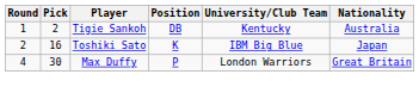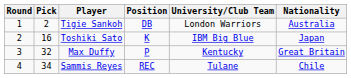 <table class="wikitable" style="font-size: 95%;">
 <tr>
 <th scope="col">Round</th>
 <th scope="col">Pick</th>
 <th scope="col">Player</th>
 <th scope="col">Position</th>
 <th scope="col">University/Club Team</th>
 <th scope="col">Nationality</th>
 </tr>
 <tr align="center">
 <td align=center>1</td>
 <td>2</td>
 <td><a href='#'>Tigie Sankoh</a></td>
 <td><a href='#'>DB</a></td>
-<td><a href='#'>Kentucky</a></td>
+<td>London Warriors</td>
 <td> <a href='#'>Australia</a></td>
 </tr>
 <tr align="center">
 <td align=center>2</td>
 <td>16</td>
 <td><a href='#'>Toshiki Sato</a></td>
 <td><a href='#'>K</a></td>
 <td><a href='#'>IBM Big Blue</a></td>
 <td> <a href='#'>Japan</a></td>
 </tr>
 <tr align="center">
-<td align=center>4</td>
-<td>30</td>
+<td align=center>3</td>
+<td>32</td>
 <td><a href='#'>Max Duffy</a></td>
 <td><a href='#'>P</a></td>
-<td>London Warriors</td>
+<td><a href='#'>Kentucky</a></td>
 <td> <a href='#'>Great Britain</a></td>
 </tr>
+<tr align="center">
+<td align=center>4</td>
+<td>34</td>
+<td><a href='#'>Sammis Reyes</a></td>
+<td><a href='#'>REC</a></td>
+<td><a href='#'>Tulane</a></td>
+<td> <a href='#'>Chile</a></td>
+</tr>
 </table>
